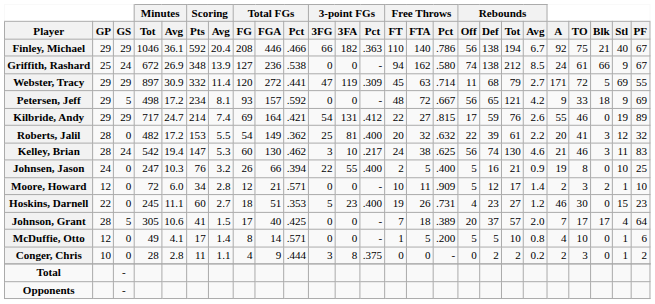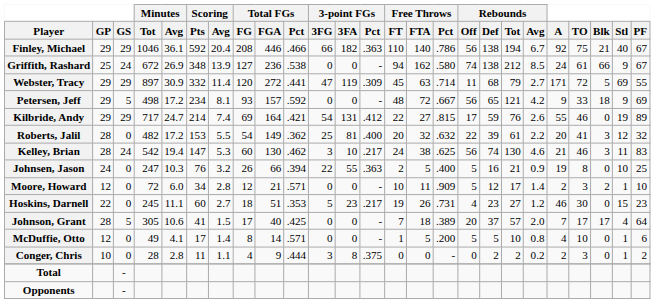 <table class="wikitable sortable" border="1" style="font-size:70%;">
 <tr>
 <th colspan="3" style="border-top-style:hidden; border-left-style:hidden; background: white;"></th>
 <th colspan="2">Minutes</th>
 <th colspan="2">Scoring</th>
 <th colspan="3">Total FGs</th>
 <th colspan="3">3-point FGs</th>
 <th colspan="3">Free Throws</th>
 <th colspan="4">Rebounds</th>
 <th colspan="5" style="border-top-style:hidden; border-right-style:hidden; background: white;"></th>
 </tr>
 <tr>
 <th scope="col">Player</th>
 <th scope="col">GP</th>
 <th scope="col">GS</th>
 <th scope="col">Tot</th>
 <th scope="col">Avg</th>
 <th scope="col">Pts</th>
 <th scope="col">Avg</th>
 <th scope="col">FG</th>
 <th scope="col">FGA</th>
 <th scope="col">Pct</th>
 <th scope="col">3FG</th>
 <th scope="col">3FA</th>
 <th scope="col">Pct</th>
 <th scope="col">FT</th>
 <th scope="col">FTA</th>
 <th scope="col">Pct</th>
 <th scope="col">Off</th>
 <th scope="col">Def</th>
 <th scope="col">Tot</th>
 <th scope="col">Avg</th>
 <th scope="col">A</th>
 <th scope="col">TO</th>
 <th scope="col">Blk</th>
 <th scope="col">Stl</th>
 <th scope="col">PF</th>
 </tr>
 <tr>
 <th style="white-space:nowrap">Finley, Michael</th>
 <td align="right">29</td>
 <td align="right">29</td>
 <td align="right">1046</td>
 <td align="right">36.1</td>
 <td align="right">592</td>
 <td align="right">20.4</td>
 <td align="right">208</td>
 <td align="right">446</td>
 <td align="right">.466</td>
 <td align="right">66</td>
 <td align="right">182</td>
 <td align="right">.363</td>
 <td align="right">110</td>
 <td align="right">140</td>
 <td align="right">.786</td>
 <td align="right">56</td>
 <td align="right">138</td>
 <td align="right">194</td>
 <td align="right">6.7</td>
 <td align="right">92</td>
 <td align="right">75</td>
 <td align="right">21</td>
 <td align="right">40</td>
 <td align="right">67</td>
 </tr>
 <tr>
 <th style="white-space:nowrap">Griffith, Rashard</th>
 <td align="right">25</td>
 <td align="right">24</td>
 <td align="right">672</td>
 <td align="right">26.9</td>
 <td align="right">348</td>
 <td align="right">13.9</td>
 <td align="right">127</td>
 <td align="right">236</td>
 <td align="right">.538</td>
 <td align="right">0</td>
 <td align="right">0</td>
 <td align="right">-</td>
 <td align="right">94</td>
 <td align="right">162</td>
 <td align="right">.580</td>
 <td align="right">74</td>
 <td align="right">138</td>
 <td align="right">212</td>
 <td align="right">8.5</td>
 <td align="right">24</td>
 <td align="right">61</td>
 <td align="right">66</td>
 <td align="right">9</td>
 <td align="right">67</td>
 </tr>
 <tr>
 <th style="white-space:nowrap">Webster, Tracy</th>
 <td align="right">29</td>
 <td align="right">29</td>
 <td align="right">897</td>
 <td align="right">30.9</td>
 <td align="right">332</td>
 <td align="right">11.4</td>
 <td align="right">120</td>
 <td align="right">272</td>
 <td align="right">.441</td>
 <td align="right">47</td>
 <td align="right">119</td>
 <td align="right">.309</td>
 <td align="right">45</td>
 <td align="right">63</td>
 <td align="right">.714</td>
 <td align="right">11</td>
 <td align="right">68</td>
 <td align="right">79</td>
 <td align="right">2.7</td>
 <td align="right">171</td>
 <td align="right">72</td>
 <td align="right">5</td>
 <td align="right">69</td>
 <td align="right">55</td>
 </tr>
 <tr>
 <th style="white-space:nowrap">Petersen, Jeff</th>
 <td align="right">29</td>
 <td align="right">5</td>
 <td align="right">498</td>
 <td align="right">17.2</td>
 <td align="right">234</td>
 <td align="right">8.1</td>
 <td align="right">93</td>
 <td align="right">157</td>
 <td align="right">.592</td>
 <td align="right">0</td>
 <td align="right">0</td>
 <td align="right">-</td>
 <td align="right">48</td>
 <td align="right">72</td>
 <td align="right">.667</td>
 <td align="right">56</td>
 <td align="right">65</td>
 <td align="right">121</td>
 <td align="right">4.2</td>
 <td align="right">9</td>
 <td align="right">33</td>
 <td align="right">18</td>
 <td align="right">9</td>
 <td align="right">69</td>
 </tr>
 <tr>
 <th style="white-space:nowrap">Kilbride, Andy</th>
 <td align="right">29</td>
 <td align="right">29</td>
 <td align="right">717</td>
 <td align="right">24.7</td>
 <td align="right">214</td>
 <td align="right">7.4</td>
 <td align="right">69</td>
 <td align="right">164</td>
 <td align="right">.421</td>
 <td align="right">54</td>
 <td align="right">131</td>
 <td align="right">.412</td>
 <td align="right">22</td>
 <td align="right">27</td>
 <td align="right">.815</td>
 <td align="right">17</td>
 <td align="right">59</td>
 <td align="right">76</td>
 <td align="right">2.6</td>
 <td align="right">55</td>
 <td align="right">46</td>
 <td align="right">0</td>
 <td align="right">19</td>
 <td align="right">89</td>
 </tr>
 <tr>
 <th style="white-space:nowrap">Roberts, Jalil</th>
 <td align="right">28</td>
 <td align="right">0</td>
 <td align="right">482</td>
 <td align="right">17.2</td>
 <td align="right">153</td>
 <td align="right">5.5</td>
 <td align="right">54</td>
 <td align="right">149</td>
 <td align="right">.362</td>
 <td align="right">25</td>
 <td align="right">81</td>
 <td align="right">.400</td>
 <td align="right">20</td>
 <td align="right">32</td>
 <td align="right">.632</td>
 <td align="right">22</td>
 <td align="right">39</td>
 <td align="right">61</td>
 <td align="right">2.2</td>
 <td align="right">20</td>
 <td align="right">41</td>
 <td align="right">3</td>
 <td align="right">12</td>
 <td align="right">32</td>
 </tr>
 <tr>
 <th style="white-space:nowrap">Kelley, Brian</th>
 <td align="right">28</td>
 <td align="right">24</td>
 <td align="right">542</td>
 <td align="right">19.4</td>
 <td align="right">147</td>
 <td align="right">5.3</td>
 <td align="right">60</td>
 <td align="right">130</td>
 <td align="right">.462</td>
 <td align="right">3</td>
 <td align="right">10</td>
 <td align="right">.217</td>
 <td align="right">24</td>
 <td align="right">38</td>
 <td align="right">.625</td>
 <td align="right">56</td>
 <td align="right">74</td>
 <td align="right">130</td>
 <td align="right">4.6</td>
 <td align="right">21</td>
 <td align="right">46</td>
 <td align="right">3</td>
 <td align="right">11</td>
 <td align="right">83</td>
 </tr>
 <tr>
 <th style="white-space:nowrap">Johnsen, Jason</th>
 <td align="right">24</td>
 <td align="right">0</td>
 <td align="right">247</td>
 <td align="right">10.3</td>
 <td align="right">76</td>
 <td align="right">3.2</td>
 <td align="right">26</td>
 <td align="right">66</td>
 <td align="right">.394</td>
 <td align="right">22</td>
 <td align="right">55</td>
-<td align="right">.400</td>
+<td align="right">.363</td>
 <td align="right">2</td>
 <td align="right">5</td>
 <td align="right">.400</td>
 <td align="right">5</td>
 <td align="right">16</td>
 <td align="right">21</td>
 <td align="right">0.9</td>
 <td align="right">19</td>
 <td align="right">8</td>
 <td align="right">0</td>
 <td align="right">10</td>
 <td align="right">25</td>
 </tr>
 <tr>
 <th style="white-space:nowrap">Moore, Howard</th>
 <td align="right">12</td>
 <td align="right">0</td>
 <td align="right">72</td>
 <td align="right">6.0</td>
 <td align="right">34</td>
 <td align="right">2.8</td>
 <td align="right">12</td>
 <td align="right">21</td>
 <td align="right">.571</td>
 <td align="right">0</td>
 <td align="right">0</td>
 <td align="right">-</td>
 <td align="right">10</td>
 <td align="right">11</td>
 <td align="right">.909</td>
 <td align="right">5</td>
 <td align="right">12</td>
 <td align="right">17</td>
 <td align="right">1.4</td>
 <td align="right">2</td>
 <td align="right">3</td>
 <td align="right">2</td>
 <td align="right">1</td>
 <td align="right">10</td>
 </tr>
 <tr>
 <th style="white-space:nowrap">Hoskins, Darnell</th>
 <td align="right">22</td>
 <td align="right">0</td>
 <td align="right">245</td>
 <td align="right">11.1</td>
 <td align="right">60</td>
 <td align="right">2.7</td>
 <td align="right">18</td>
 <td align="right">51</td>
 <td align="right">.353</td>
 <td align="right">5</td>
 <td align="right">23</td>
-<td align="right">.400</td>
+<td align="right">.217</td>
 <td align="right">19</td>
 <td align="right">26</td>
 <td align="right">.731</td>
 <td align="right">4</td>
 <td align="right">23</td>
 <td align="right">27</td>
 <td align="right">1.2</td>
 <td align="right">46</td>
 <td align="right">30</td>
 <td align="right">0</td>
 <td align="right">15</td>
 <td align="right">23</td>
 </tr>
 <tr>
 <th style="white-space:nowrap">Johnson, Grant</th>
 <td align="right">28</td>
 <td align="right">5</td>
 <td align="right">305</td>
 <td align="right">10.6</td>
 <td align="right">41</td>
 <td align="right">1.5</td>
 <td align="right">17</td>
 <td align="right">40</td>
 <td align="right">.425</td>
 <td align="right">0</td>
 <td align="right">0</td>
 <td align="right">-</td>
 <td align="right">7</td>
 <td align="right">18</td>
 <td align="right">.389</td>
 <td align="right">20</td>
 <td align="right">37</td>
 <td align="right">57</td>
 <td align="right">2.0</td>
 <td align="right">7</td>
 <td align="right">17</td>
 <td align="right">17</td>
 <td align="right">4</td>
 <td align="right">64</td>
 </tr>
 <tr>
 <th style="white-space:nowrap">McDuffie, Otto</th>
 <td align="right">12</td>
 <td align="right">0</td>
 <td align="right">49</td>
 <td align="right">4.1</td>
 <td align="right">17</td>
 <td align="right">1.4</td>
 <td align="right">8</td>
 <td align="right">14</td>
 <td align="right">.571</td>
 <td align="right">0</td>
 <td align="right">0</td>
 <td align="right">-</td>
 <td align="right">1</td>
 <td align="right">5</td>
 <td align="right">.200</td>
 <td align="right">5</td>
 <td align="right">5</td>
 <td align="right">10</td>
 <td align="right">0.8</td>
 <td align="right">4</td>
 <td align="right">10</td>
 <td align="right">0</td>
 <td align="right">1</td>
 <td align="right">6</td>
 </tr>
 <tr>
 <th style="white-space:nowrap">Conger, Chris</th>
 <td align="right">10</td>
 <td align="right">0</td>
 <td align="right">28</td>
 <td align="right">2.8</td>
 <td align="right">11</td>
 <td align="right">1.1</td>
 <td align="right">4</td>
 <td align="right">9</td>
 <td align="right">.444</td>
 <td align="right">3</td>
 <td align="right">8</td>
 <td align="right">.375</td>
 <td align="right">0</td>
 <td align="right">0</td>
 <td align="right">-</td>
 <td align="right">0</td>
 <td align="right">2</td>
 <td align="right">2</td>
 <td align="right">0.2</td>
 <td align="right">2</td>
 <td align="right">3</td>
 <td align="right">0</td>
 <td align="right">1</td>
 <td align="right">2</td>
 </tr>
 <tr>
 </tr>
 <tr class="sortbottom">
 <td align="center"><strong>Total</strong></td>
 <td align="center"></td>
 <td align="center">-</td>
 <td align="center"></td>
 <td align="center"></td>
 <td align="center"></td>
 <td align="center"></td>
 <td align="center"></td>
 <td align="center"></td>
 <td align="center"></td>
 <td align="center"></td>
 <td align="center"></td>
 <td align="center"></td>
 <td align="center"></td>
 <td align="center"></td>
 <td align="center"></td>
 <td align="center"></td>
 <td align="center"></td>
 <td align="center"></td>
 <td align="center"></td>
 <td align="center"></td>
 <td align="center"></td>
 <td align="center"></td>
 <td align="center"></td>
 <td align="center"></td>
 </tr>
 <tr class="sortbottom">
 <td align="center"><strong>Opponents</strong></td>
 <td align="center"></td>
 <td align="center">-</td>
 <td align="center"></td>
 <td align="center"></td>
 <td align="center"></td>
 <td align="center"></td>
 <td align="center"></td>
 <td align="center"></td>
 <td align="center"></td>
 <td align="center"></td>
 <td align="center"></td>
 <td align="center"></td>
 <td align="center"></td>
 <td align="center"></td>
 <td align="center"></td>
 <td align="center"></td>
 <td align="center"></td>
 <td align="center"></td>
 <td align="center"></td>
 <td align="center"></td>
 <td align="center"></td>
 <td align="center"></td>
 <td align="center"></td>
 <td align="center"></td>
 </tr>
 </table>
